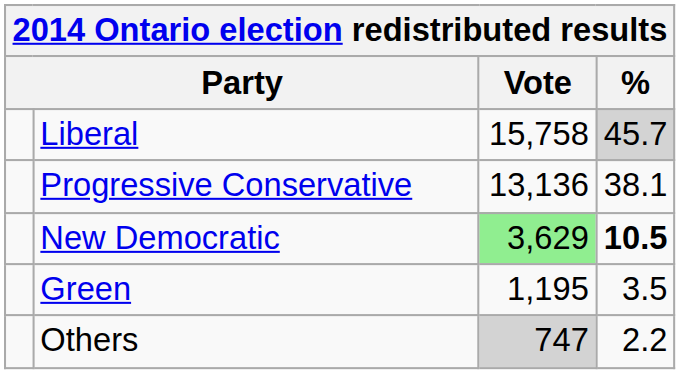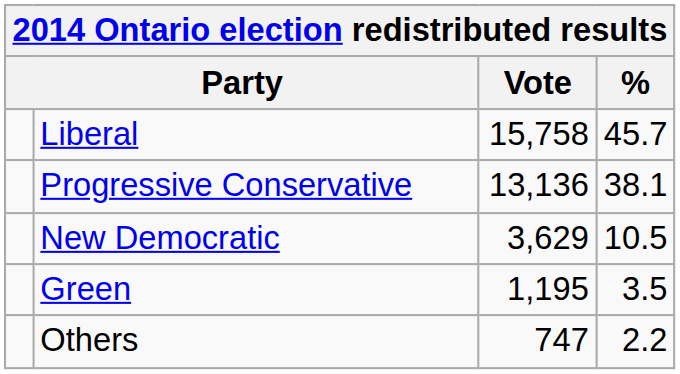 <table class="wikitable">
 <tr>
 <th colspan="4"><a href='#'>2014 Ontario election</a> redistributed results</th>
 </tr>
 <tr>
 <th bgcolor="#DDDDFF" width="130px" colspan="2">Party</th>
 <th bgcolor="#DDDDFF" width="50px">Vote</th>
 <th bgcolor="#DDDDFF" width="30px">%</th>
 </tr>
 <tr>
 <td> </td>
 <td><a href='#'>Liberal</a></td>
 <td align=right>15,758</td>
-<td align=right style="background: lightgrey;">45.7</td>
+<td align=right>45.7</td>
 </tr>
 <tr>
 <td> </td>
 <td><a href='#'>Progressive Conservative</a></td>
 <td align=right>13,136</td>
 <td align=right>38.1</td>
 </tr>
 <tr>
 <td> </td>
 <td><a href='#'>New Democratic</a></td>
-<td align=right style="background: lightgreen;">3,629</td>
-<td align=right><strong>10.5</strong></td>
+<td align=right>3,629</td>
+<td align=right>10.5</td>
 </tr>
 <tr>
 <td> </td>
 <td><a href='#'>Green</a></td>
 <td align=right>1,195</td>
 <td align=right>3.5</td>
 </tr>
 <tr>
 <td> </td>
 <td>Others</td>
-<td align=right style="background: lightgrey;">747</td>
+<td align=right>747</td>
 <td align=right>2.2</td>
 </tr>
 </table>
